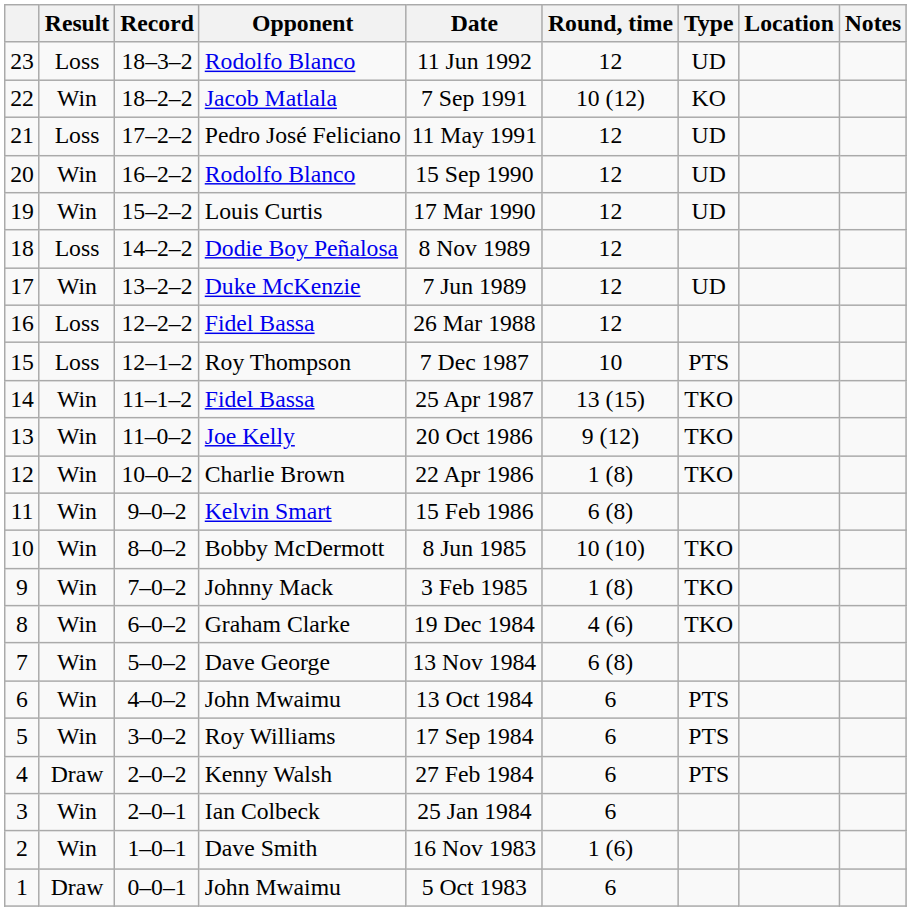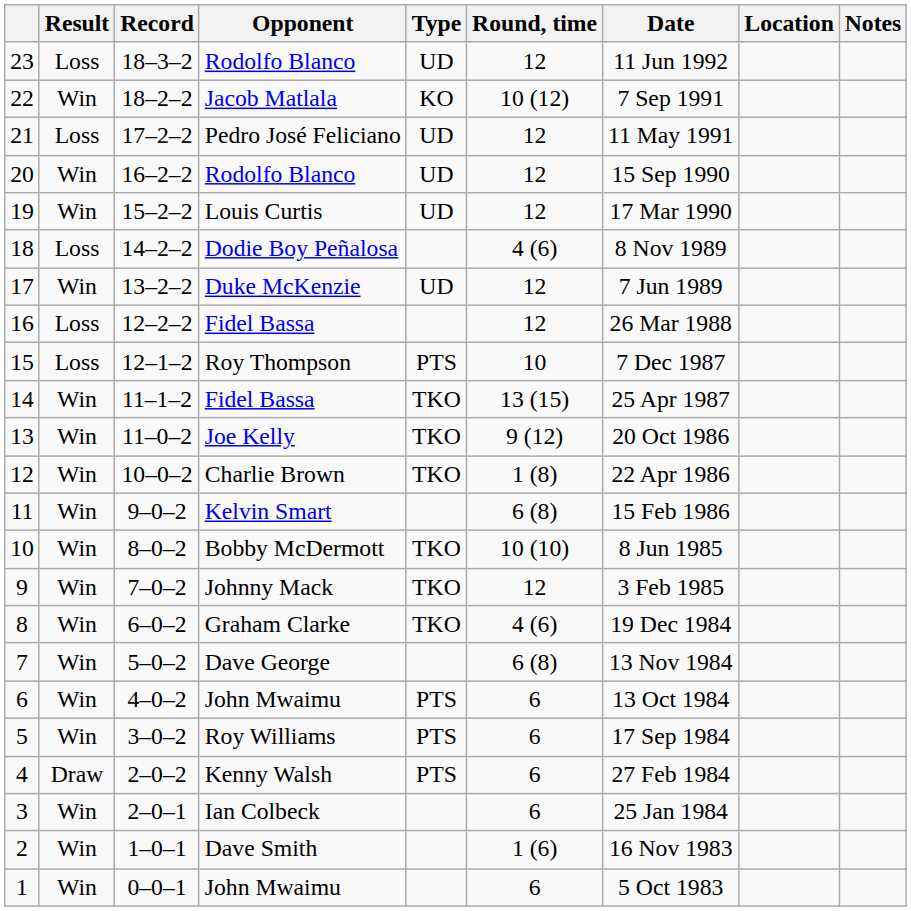 <table class="wikitable" style="text-align:center">
 <tr>
 <th></th>
 <th>Result</th>
 <th>Record</th>
 <th>Opponent</th>
+<th>Type</th>
+<th>Round, time</th>
 <th>Date</th>
-<th>Round, time</th>
-<th>Type</th>
 <th>Location</th>
 <th>Notes</th>
 </tr>
 <tr>
 <td>23</td>
 <td>Loss</td>
 <td>18–3–2</td>
 <td align=left><a href='#'>Rodolfo Blanco</a></td>
+<td>UD</td>
+<td>12</td>
 <td>11 Jun 1992</td>
-<td>12</td>
-<td>UD</td>
 <td align=left></td>
 <td align=left></td>
 </tr>
 <tr>
 <td>22</td>
 <td>Win</td>
 <td>18–2–2</td>
 <td align=left><a href='#'>Jacob Matlala</a></td>
+<td>KO</td>
+<td>10 (12)</td>
 <td>7 Sep 1991</td>
-<td>10 (12)</td>
-<td>KO</td>
 <td align=left></td>
 <td align=left></td>
 </tr>
 <tr>
 <td>21</td>
 <td>Loss</td>
 <td>17–2–2</td>
 <td align=left>Pedro José Feliciano</td>
+<td>UD</td>
+<td>12</td>
 <td>11 May 1991</td>
-<td>12</td>
-<td>UD</td>
 <td align=left></td>
 <td align=left></td>
 </tr>
 <tr>
 <td>20</td>
 <td>Win</td>
 <td>16–2–2</td>
 <td align=left><a href='#'>Rodolfo Blanco</a></td>
+<td>UD</td>
+<td>12</td>
 <td>15 Sep 1990</td>
-<td>12</td>
-<td>UD</td>
 <td align=left></td>
 <td align=left></td>
 </tr>
 <tr>
 <td>19</td>
 <td>Win</td>
 <td>15–2–2</td>
 <td align=left>Louis Curtis</td>
+<td>UD</td>
+<td>12</td>
 <td>17 Mar 1990</td>
-<td>12</td>
-<td>UD</td>
 <td align=left></td>
 <td align=left></td>
 </tr>
 <tr>
 <td>18</td>
 <td>Loss</td>
 <td>14–2–2</td>
 <td align=left><a href='#'>Dodie Boy Peñalosa</a></td>
+<td></td>
+<td>4 (6)</td>
 <td>8 Nov 1989</td>
-<td>12</td>
-<td></td>
 <td align=left></td>
 <td align=left></td>
 </tr>
 <tr>
 <td>17</td>
 <td>Win</td>
 <td>13–2–2</td>
 <td align=left><a href='#'>Duke McKenzie</a></td>
+<td>UD</td>
+<td>12</td>
 <td>7 Jun 1989</td>
-<td>12</td>
-<td>UD</td>
 <td align=left></td>
 <td align=left></td>
 </tr>
 <tr>
 <td>16</td>
 <td>Loss</td>
 <td>12–2–2</td>
 <td align=left><a href='#'>Fidel Bassa</a></td>
+<td></td>
+<td>12</td>
 <td>26 Mar 1988</td>
-<td>12</td>
-<td></td>
 <td align=left></td>
 <td align=left></td>
 </tr>
 <tr>
 <td>15</td>
 <td>Loss</td>
 <td>12–1–2</td>
 <td align=left>Roy Thompson</td>
+<td>PTS</td>
+<td>10</td>
 <td>7 Dec 1987</td>
-<td>10</td>
-<td>PTS</td>
 <td align=left></td>
 <td></td>
 </tr>
 <tr>
 <td>14</td>
 <td>Win</td>
 <td>11–1–2</td>
 <td align=left><a href='#'>Fidel Bassa</a></td>
+<td>TKO</td>
+<td>13 (15)</td>
 <td>25 Apr 1987</td>
-<td>13 (15)</td>
-<td>TKO</td>
 <td align=left></td>
 <td align=left></td>
 </tr>
 <tr>
 <td>13</td>
 <td>Win</td>
 <td>11–0–2</td>
 <td align=left><a href='#'>Joe Kelly</a></td>
+<td>TKO</td>
+<td>9 (12)</td>
 <td>20 Oct 1986</td>
-<td>9 (12)</td>
-<td>TKO</td>
 <td align=left></td>
 <td align=left></td>
 </tr>
 <tr>
 <td>12</td>
 <td>Win</td>
 <td>10–0–2</td>
 <td align=left>Charlie Brown</td>
+<td>TKO</td>
+<td>1 (8)</td>
 <td>22 Apr 1986</td>
-<td>1 (8)</td>
-<td>TKO</td>
 <td align=left></td>
 <td></td>
 </tr>
 <tr>
 <td>11</td>
 <td>Win</td>
 <td>9–0–2</td>
 <td align=left><a href='#'>Kelvin Smart</a></td>
+<td></td>
+<td>6 (8)</td>
 <td>15 Feb 1986</td>
-<td>6 (8)</td>
-<td></td>
 <td align=left></td>
 <td align=left></td>
 </tr>
 <tr>
 <td>10</td>
 <td>Win</td>
 <td>8–0–2</td>
 <td align=left>Bobby McDermott</td>
+<td>TKO</td>
+<td>10 (10)</td>
 <td>8 Jun 1985</td>
-<td>10 (10)</td>
-<td>TKO</td>
 <td align=left></td>
 <td></td>
 </tr>
 <tr>
 <td>9</td>
 <td>Win</td>
 <td>7–0–2</td>
 <td align=left>Johnny Mack</td>
+<td>TKO</td>
+<td>12</td>
 <td>3 Feb 1985</td>
-<td>1 (8)</td>
-<td>TKO</td>
 <td align=left></td>
 <td></td>
 </tr>
 <tr>
 <td>8</td>
 <td>Win</td>
 <td>6–0–2</td>
 <td align=left>Graham Clarke</td>
+<td>TKO</td>
+<td>4 (6)</td>
 <td>19 Dec 1984</td>
-<td>4 (6)</td>
-<td>TKO</td>
 <td align=left></td>
 <td></td>
 </tr>
 <tr>
 <td>7</td>
 <td>Win</td>
 <td>5–0–2</td>
 <td align=left>Dave George</td>
+<td></td>
+<td>6 (8)</td>
 <td>13 Nov 1984</td>
-<td>6 (8)</td>
-<td></td>
 <td align=left></td>
 <td></td>
 </tr>
 <tr>
 <td>6</td>
 <td>Win</td>
 <td>4–0–2</td>
 <td align=left>John Mwaimu</td>
+<td>PTS</td>
+<td>6</td>
 <td>13 Oct 1984</td>
-<td>6</td>
-<td>PTS</td>
 <td align=left></td>
 <td></td>
 </tr>
 <tr>
 <td>5</td>
 <td>Win</td>
 <td>3–0–2</td>
 <td align=left>Roy Williams</td>
+<td>PTS</td>
+<td>6</td>
 <td>17 Sep 1984</td>
-<td>6</td>
-<td>PTS</td>
 <td align=left></td>
 <td></td>
 </tr>
 <tr>
 <td>4</td>
 <td>Draw</td>
 <td>2–0–2</td>
 <td align=left>Kenny Walsh</td>
+<td>PTS</td>
+<td>6</td>
 <td>27 Feb 1984</td>
-<td>6</td>
-<td>PTS</td>
 <td align=left></td>
 <td></td>
 </tr>
 <tr>
 <td>3</td>
 <td>Win</td>
 <td>2–0–1</td>
 <td align=left>Ian Colbeck</td>
+<td></td>
+<td>6</td>
 <td>25 Jan 1984</td>
-<td>6</td>
-<td></td>
 <td align=left></td>
 <td></td>
 </tr>
 <tr>
 <td>2</td>
 <td>Win</td>
 <td>1–0–1</td>
 <td align=left>Dave Smith</td>
+<td></td>
+<td>1 (6)</td>
 <td>16 Nov 1983</td>
-<td>1 (6)</td>
-<td></td>
 <td align=left></td>
 <td></td>
 </tr>
 <tr>
 <td>1</td>
-<td>Draw</td>
+<td>Win</td>
 <td>0–0–1</td>
 <td align=left>John Mwaimu</td>
+<td></td>
+<td>6</td>
 <td>5 Oct 1983</td>
-<td>6</td>
-<td></td>
 <td align=left></td>
 <td></td>
 </tr>
 </table>
